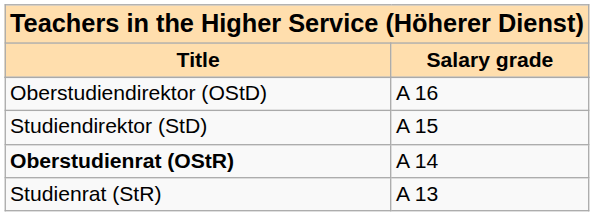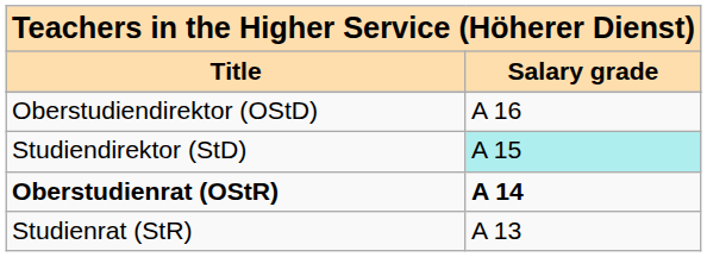 <table class="wikitable" style="float:right;">
 <tr style="background:#FFDEAD">
 <td colspan="3" style="text-align:center"><strong><big>Teachers in the Higher Service (Höherer Dienst)</big></strong></td>
 </tr>
 <tr>
 <th scope="col" style="background:#FFDEAD">Title</th>
 <th scope="col" style="background:#FFDEAD">Salary grade</th>
 </tr>
 <tr style="background:#EEEEEE">
 </tr>
 <tr>
 <td>Oberstudiendirektor (OStD)</td>
 <td>A 16</td>
 </tr>
 <tr>
 <td>Studiendirektor (StD)</td>
-<td>A 15</td>
+<td style="background: paleturquoise;">A 15</td>
 </tr>
 <tr>
 <td><strong>Oberstudienrat (OStR)</strong></td>
-<td>A 14</td>
+<td><strong>A 14</strong></td>
 </tr>
 <tr>
 <td>Studienrat (StR)</td>
 <td>A 13</td>
 </tr>
 </table>
